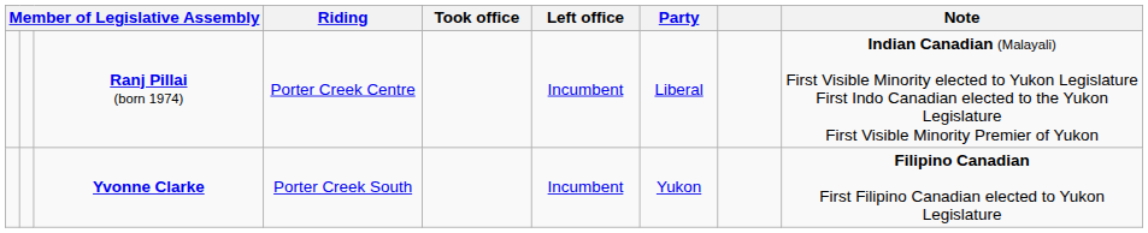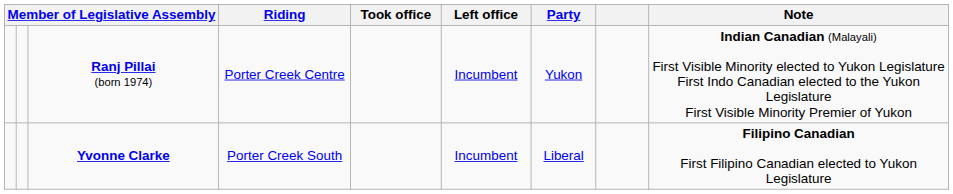 <table class="wikitable sortable plainrowheaders" style="text-align: center;">
 <tr>
 <th colspan="3" class=unsortable><a href='#'>Member of Legislative Assembly</a></th>
 <th scope="col" width=150px><a href='#'>Riding</a></th>
 <th scope="col" width=100px>Took office</th>
 <th scope="col" width=100px>Left office</th>
 <th scope="col" width=70px><a href='#'>Party</a></th>
 <th scope="col" class=unsortable width=55px></th>
 <th scope="col" class=unsortable width=350px>Note</th>
 </tr>
 <tr>
 <td rowspan="1" style="background:"></td>
 <td rowspan="1"></td>
 <td rowspan="1"><strong><a href='#'>Ranj Pillai</a></strong><br><small>(born 1974)</small></td>
 <td rowspan="1"><a href='#'>Porter Creek Centre</a></td>
 <td rowspan="1"></td>
 <td rowspan="1"><a href='#'>Incumbent</a></td>
-<td rowspan="1"><a href='#'>Liberal</a></td>
+<td rowspan="1"><a href='#'>Yukon</a></td>
 <td rowspan="1"></td>
 <td rowspan="1"><strong>Indian Canadian</strong> <small>(Malayali)</small><br><br>First Visible Minority elected to Yukon Legislature <br> First Indo Canadian elected to the Yukon Legislature <br> First Visible Minority Premier of Yukon</td>
 </tr>
 <tr>
 <td rowspan="1" style="background:"></td>
 <td rowspan="1"></td>
 <td rowspan="1"><strong><a href='#'>Yvonne Clarke</a></strong></td>
 <td rowspan="1"><a href='#'>Porter Creek South</a></td>
 <td rowspan="1"></td>
 <td rowspan="1"><a href='#'>Incumbent</a></td>
-<td rowspan="1"><a href='#'>Yukon</a></td>
+<td rowspan="1"><a href='#'>Liberal</a></td>
 <td rowspan="1"></td>
 <td rowspan="1"><strong>Filipino Canadian</strong><br><br>First Filipino Canadian elected to Yukon Legislature</td>
 </tr>
 </table>
